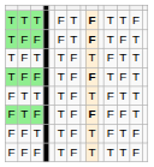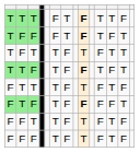 <table class="wikitable" style="text-align:center; padding-left: 1.5em;">
 <tr>
 <th></th>
 <th></th>
 <th></th>
 <th style="background:black"></th>
 <th></th>
 <th></th>
 <th></th>
 <th></th>
 <th></th>
 <th></th>
 <th></th>
 <th></th>
 <th></th>
 <th></th>
 </tr>
 <tr>
 <td style="background:lightgreen">T</td>
 <td style="background:lightgreen">T</td>
 <td style="background:lightgreen">T</td>
 <td style="background:black"></td>
 <td></td>
 <td>F</td>
 <td>T</td>
 <td></td>
 <td style="background:papayawhip"><strong>F</strong></td>
 <td></td>
 <td>T</td>
 <td>T</td>
 <td>F</td>
 <td></td>
 </tr>
 <tr>
 <td style="background:lightgreen">T</td>
 <td style="background:lightgreen">F</td>
 <td style="background:lightgreen">F</td>
 <td style="background:black"></td>
 <td></td>
 <td>F</td>
 <td>T</td>
 <td></td>
 <td style="background:papayawhip"><strong>F</strong></td>
 <td></td>
 <td>T</td>
 <td>F</td>
 <td>T</td>
 <td></td>
 </tr>
 <tr>
 <td>T</td>
 <td>F</td>
 <td>T</td>
 <td style="background:black"></td>
 <td></td>
 <td>T</td>
 <td>F</td>
 <td></td>
 <td style="background:papayawhip">T</td>
 <td></td>
 <td>F</td>
 <td>T</td>
 <td>T</td>
 <td></td>
 </tr>
 <tr>
 <td style="background:lightgreen">T</td>
-<td style="background:lightgreen">F</td>
+<td style="background:lightgreen">T</td>
 <td style="background:lightgreen">F</td>
 <td style="background:black"></td>
 <td></td>
 <td>T</td>
 <td>F</td>
 <td></td>
 <td style="background:papayawhip"><strong>F</strong></td>
 <td></td>
 <td>T</td>
 <td>F</td>
 <td>T</td>
 <td></td>
 </tr>
 <tr>
 <td>F</td>
 <td>T</td>
 <td>T</td>
 <td style="background:black"></td>
 <td></td>
 <td>T</td>
 <td>F</td>
 <td></td>
 <td style="background:papayawhip">T</td>
 <td></td>
 <td>F</td>
 <td>T</td>
-<td>T</td>
+<td>F</td>
 <td></td>
 </tr>
 <tr>
 <td style="background:lightgreen">F</td>
 <td style="background:lightgreen">T</td>
 <td style="background:lightgreen">F</td>
 <td style="background:black"></td>
 <td></td>
 <td>T</td>
 <td>F</td>
 <td></td>
 <td style="background:papayawhip"><strong>F</strong></td>
 <td></td>
 <td>F</td>
 <td>F</td>
 <td>T</td>
 <td></td>
 </tr>
 <tr>
 <td>F</td>
 <td>F</td>
 <td>T</td>
 <td style="background:black"></td>
 <td></td>
 <td>T</td>
 <td>F</td>
 <td></td>
 <td style="background:papayawhip">T</td>
 <td></td>
 <td>F</td>
 <td>T</td>
 <td>F</td>
 <td></td>
 </tr>
 <tr>
 <td>F</td>
 <td>F</td>
 <td>F</td>
 <td style="background:black"></td>
 <td></td>
 <td>T</td>
 <td>F</td>
 <td></td>
 <td style="background:papayawhip">T</td>
 <td></td>
-<td>T</td>
+<td>F</td>
 <td>T</td>
 <td>F</td>
 <td></td>
 </tr>
 </table>
